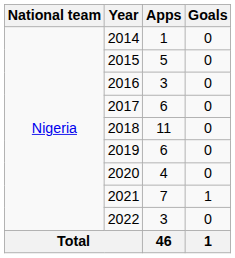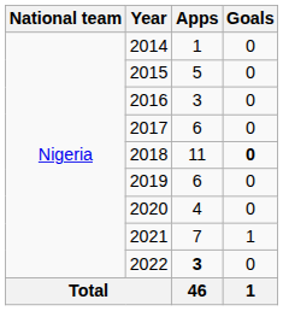 <table class="wikitable" style="text-align:center">
 <tr>
 <th>National team</th>
 <th>Year</th>
 <th>Apps</th>
 <th>Goals</th>
 </tr>
 <tr>
 <td rowspan="9"><a href='#'>Nigeria</a></td>
 <td>2014</td>
 <td>1</td>
 <td>0</td>
 </tr>
 <tr>
 <td>2015</td>
 <td>5</td>
 <td>0</td>
 </tr>
 <tr>
 <td>2016</td>
 <td>3</td>
 <td>0</td>
 </tr>
 <tr>
 <td>2017</td>
 <td>6</td>
 <td>0</td>
 </tr>
 <tr>
 <td>2018</td>
 <td>11</td>
-<td>0</td>
+<td><strong>0</strong></td>
 </tr>
 <tr>
 <td>2019</td>
 <td>6</td>
 <td>0</td>
 </tr>
 <tr>
 <td>2020</td>
 <td>4</td>
 <td>0</td>
 </tr>
 <tr>
 <td>2021</td>
 <td>7</td>
 <td>1</td>
 </tr>
 <tr>
 <td>2022</td>
-<td>3</td>
+<td><strong>3</strong></td>
 <td>0</td>
 </tr>
 <tr>
 <th colspan="2">Total</th>
 <th>46</th>
 <th>1</th>
 </tr>
 </table>
